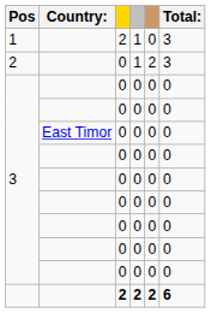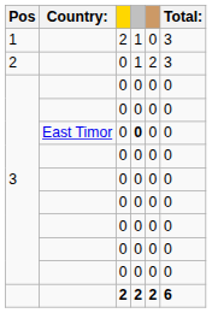 <table class="wikitable">
 <tr>
 <th>Pos</th>
 <th>Country:</th>
 <th style="background-color:gold"></th>
 <th style="background-color:silver"></th>
 <th style="background-color:#CC9966"></th>
 <th>Total:</th>
 </tr>
 <tr>
 <td>1</td>
 <td></td>
 <td>2</td>
 <td>1</td>
 <td>0</td>
 <td>3</td>
 </tr>
 <tr>
 <td>2</td>
 <td></td>
 <td>0</td>
 <td>1</td>
 <td>2</td>
 <td>3</td>
 </tr>
 <tr>
 <td rowspan="9">3</td>
 <td></td>
 <td>0</td>
 <td>0</td>
 <td>0</td>
 <td>0</td>
 </tr>
 <tr>
 <td></td>
 <td>0</td>
 <td>0</td>
 <td>0</td>
 <td>0</td>
 </tr>
 <tr>
 <td> <a href='#'>East Timor</a></td>
 <td>0</td>
-<td>0</td>
+<td><strong>0</strong></td>
 <td>0</td>
 <td>0</td>
 </tr>
 <tr>
 <td></td>
 <td>0</td>
 <td>0</td>
 <td>0</td>
 <td>0</td>
 </tr>
 <tr>
 <td></td>
 <td>0</td>
 <td>0</td>
 <td>0</td>
 <td>0</td>
 </tr>
 <tr>
 <td></td>
 <td>0</td>
 <td>0</td>
 <td>0</td>
 <td>0</td>
 </tr>
 <tr>
 <td></td>
 <td>0</td>
 <td>0</td>
 <td>0</td>
 <td>0</td>
 </tr>
 <tr>
 <td></td>
 <td>0</td>
 <td>0</td>
 <td>0</td>
 <td>0</td>
 </tr>
 <tr>
 <td></td>
 <td>0</td>
 <td>0</td>
 <td>0</td>
 <td>0</td>
 </tr>
 <tr>
 <td></td>
 <td></td>
 <td><strong>2</strong></td>
 <td><strong>2</strong></td>
 <td><strong>2</strong></td>
 <td><strong>6</strong></td>
 </tr>
 </table>
